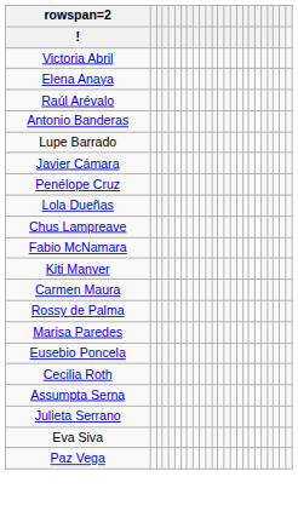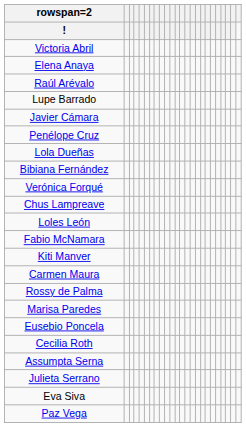 <table class="wikitable" style="text-align:center;font-size:75%;vertical-align:bottom;">
 <tr>
 <th>rowspan=2 </th>
 <th></th>
 <th></th>
 <th></th>
 <th></th>
 <th></th>
 <th></th>
 <th></th>
 <th></th>
 <th></th>
 <th></th>
 <th></th>
 <th></th>
 <th></th>
 <th></th>
 <th></th>
 <th></th>
 <th></th>
 <th></th>
 <th></th>
 <th></th>
 <th></th>
 <th></th>
 <th></th>
 </tr>
 <tr>
 <th>! </th>
 <th></th>
 <th></th>
 <th></th>
 <th></th>
 <th></th>
 <th></th>
 <th></th>
 <th></th>
 <th></th>
 <th></th>
 <th></th>
 <th></th>
 <th></th>
 <th></th>
 <th></th>
 <th></th>
 <th></th>
 <th></th>
 <th></th>
 <th></th>
 <th></th>
 <th></th>
 </tr>
 <tr>
 <td width="130"><a href='#'>Victoria Abril</a></td>
 <td></td>
 <td></td>
 <td></td>
 <td></td>
 <td></td>
 <td></td>
 <td></td>
 <td></td>
 <td></td>
 <td></td>
 <td></td>
 <td></td>
 <td></td>
 <td></td>
 <td></td>
 <td></td>
 <td></td>
 <td></td>
 <td></td>
 <td></td>
 <td></td>
 <td></td>
 <td></td>
 </tr>
 <tr>
 <td width=65><a href='#'>Elena Anaya</a></td>
 <td></td>
 <td></td>
 <td></td>
 <td></td>
 <td></td>
 <td></td>
 <td></td>
 <td></td>
 <td></td>
 <td></td>
 <td></td>
 <td></td>
 <td></td>
 <td></td>
 <td></td>
 <td></td>
 <td></td>
 <td></td>
 <td></td>
 <td></td>
 <td></td>
 <td></td>
 <td></td>
 </tr>
 <tr>
 <td width=65><a href='#'>Raúl Arévalo</a></td>
 <td></td>
 <td></td>
 <td></td>
 <td></td>
 <td></td>
 <td></td>
 <td></td>
 <td></td>
 <td></td>
 <td></td>
 <td></td>
 <td></td>
 <td></td>
 <td></td>
 <td></td>
 <td></td>
 <td></td>
 <td></td>
 <td></td>
 <td></td>
 <td></td>
 <td></td>
 <td></td>
 </tr>
 <tr>
-<td width=65><a href='#'>Antonio Banderas</a></td>
-<td></td>
-<td></td>
-<td></td>
-<td></td>
-<td></td>
-<td></td>
-<td></td>
-<td></td>
-<td></td>
-<td></td>
-<td></td>
-<td></td>
-<td></td>
-<td></td>
-<td></td>
-<td></td>
-<td></td>
-<td></td>
-<td></td>
-<td></td>
-<td></td>
-<td></td>
-<td></td>
-</tr>
-<tr>
 <td width=65>Lupe Barrado</td>
 <td></td>
 <td></td>
 <td></td>
 <td></td>
 <td></td>
 <td></td>
 <td></td>
 <td></td>
 <td></td>
 <td></td>
 <td></td>
 <td></td>
 <td></td>
 <td></td>
 <td></td>
 <td></td>
 <td></td>
 <td></td>
 <td></td>
 <td></td>
 <td></td>
 <td></td>
 <td></td>
 </tr>
 <tr>
 <td width=65><a href='#'>Javier Cámara</a></td>
 <td></td>
 <td></td>
 <td></td>
 <td></td>
 <td></td>
 <td></td>
 <td></td>
 <td></td>
 <td></td>
 <td></td>
 <td></td>
 <td></td>
 <td></td>
 <td></td>
 <td></td>
 <td></td>
 <td></td>
 <td></td>
 <td></td>
 <td></td>
 <td></td>
 <td></td>
 <td></td>
 </tr>
 <tr>
 <td width=65><a href='#'>Penélope Cruz</a></td>
 <td></td>
 <td></td>
 <td></td>
 <td></td>
 <td></td>
 <td></td>
 <td></td>
 <td></td>
 <td></td>
 <td></td>
 <td></td>
 <td></td>
 <td></td>
 <td></td>
 <td></td>
 <td></td>
 <td></td>
 <td></td>
 <td></td>
 <td></td>
 <td></td>
 <td></td>
 <td></td>
 </tr>
 <tr>
 <td width=65><a href='#'>Lola Dueñas</a></td>
 <td></td>
 <td></td>
 <td></td>
 <td></td>
 <td></td>
 <td></td>
 <td></td>
 <td></td>
 <td></td>
 <td></td>
 <td></td>
 <td></td>
 <td></td>
 <td></td>
 <td></td>
 <td></td>
 <td></td>
 <td></td>
 <td></td>
 <td></td>
 <td></td>
 <td></td>
 <td></td>
 </tr>
 <tr>
+<td width=65><a href='#'>Bibiana Fernández</a></td>
+<td></td>
+<td></td>
+<td></td>
+<td></td>
+<td></td>
+<td></td>
+<td></td>
+<td></td>
+<td></td>
+<td></td>
+<td></td>
+<td></td>
+<td></td>
+<td></td>
+<td></td>
+<td></td>
+<td></td>
+<td></td>
+<td></td>
+<td></td>
+<td></td>
+<td></td>
+<td></td>
+</tr>
+<tr>
+<td width=65><a href='#'>Verónica Forqué</a></td>
+<td></td>
+<td></td>
+<td></td>
+<td></td>
+<td></td>
+<td></td>
+<td></td>
+<td></td>
+<td></td>
+<td></td>
+<td></td>
+<td></td>
+<td></td>
+<td></td>
+<td></td>
+<td></td>
+<td></td>
+<td></td>
+<td></td>
+<td></td>
+<td></td>
+<td></td>
+<td></td>
+</tr>
+<tr>
 <td width=65><a href='#'>Chus Lampreave</a></td>
+<td></td>
+<td></td>
+<td></td>
+<td></td>
+<td></td>
+<td></td>
+<td></td>
+<td></td>
+<td></td>
+<td></td>
+<td></td>
+<td></td>
+<td></td>
+<td></td>
+<td></td>
+<td></td>
+<td></td>
+<td></td>
+<td></td>
+<td></td>
+<td></td>
+<td></td>
+<td></td>
+</tr>
+<tr>
+<td width=65><a href='#'>Loles León</a></td>
 <td></td>
 <td></td>
 <td></td>
 <td></td>
 <td></td>
 <td></td>
 <td></td>
 <td></td>
 <td></td>
 <td></td>
 <td></td>
 <td></td>
 <td></td>
 <td></td>
 <td></td>
 <td></td>
 <td></td>
 <td></td>
 <td></td>
 <td></td>
 <td></td>
 <td></td>
 <td></td>
 </tr>
 <tr>
 <td width=65><a href='#'>Fabio McNamara</a></td>
 <td></td>
 <td></td>
 <td></td>
 <td></td>
 <td></td>
 <td></td>
 <td></td>
 <td></td>
 <td></td>
 <td></td>
 <td></td>
 <td></td>
 <td></td>
 <td></td>
 <td></td>
 <td></td>
 <td></td>
 <td></td>
 <td></td>
 <td></td>
 <td></td>
 <td></td>
 <td></td>
 </tr>
 <tr>
 <td width=65><a href='#'>Kiti Manver</a></td>
 <td></td>
 <td></td>
 <td></td>
 <td></td>
 <td></td>
 <td></td>
 <td></td>
 <td></td>
 <td></td>
 <td></td>
 <td></td>
 <td></td>
 <td></td>
 <td></td>
 <td></td>
 <td></td>
 <td></td>
 <td></td>
 <td></td>
 <td></td>
 <td></td>
 <td></td>
 <td></td>
 </tr>
 <tr>
 <td width=65><a href='#'>Carmen Maura</a></td>
 <td></td>
 <td></td>
 <td></td>
 <td></td>
 <td></td>
 <td></td>
 <td></td>
 <td></td>
 <td></td>
 <td></td>
 <td></td>
 <td></td>
 <td></td>
 <td></td>
 <td></td>
 <td></td>
 <td></td>
 <td></td>
 <td></td>
 <td></td>
 <td></td>
 <td></td>
 <td></td>
 </tr>
 <tr>
 <td width=65><a href='#'>Rossy de Palma</a></td>
 <td></td>
 <td></td>
 <td></td>
 <td></td>
 <td></td>
 <td></td>
 <td></td>
 <td></td>
 <td></td>
 <td></td>
 <td></td>
 <td></td>
 <td></td>
 <td></td>
 <td></td>
 <td></td>
 <td></td>
 <td></td>
 <td></td>
 <td></td>
 <td></td>
 <td></td>
 <td></td>
 </tr>
 <tr>
 <td width=65><a href='#'>Marisa Paredes</a></td>
 <td></td>
 <td></td>
 <td></td>
 <td></td>
 <td></td>
 <td></td>
 <td></td>
 <td></td>
 <td></td>
 <td></td>
 <td></td>
 <td></td>
 <td></td>
 <td></td>
 <td></td>
 <td></td>
 <td></td>
 <td></td>
 <td></td>
 <td></td>
 <td></td>
 <td></td>
 <td></td>
 </tr>
 <tr>
 <td width=65><a href='#'>Eusebio Poncela</a></td>
 <td></td>
 <td></td>
 <td></td>
 <td></td>
 <td></td>
 <td></td>
 <td></td>
 <td></td>
 <td></td>
 <td></td>
 <td></td>
 <td></td>
 <td></td>
 <td></td>
 <td></td>
 <td></td>
 <td></td>
 <td></td>
 <td></td>
 <td></td>
 <td></td>
 <td></td>
 <td></td>
 </tr>
 <tr>
 <td width=65><a href='#'>Cecilia Roth</a></td>
 <td></td>
 <td></td>
 <td></td>
 <td></td>
 <td></td>
 <td></td>
 <td></td>
 <td></td>
 <td></td>
 <td></td>
 <td></td>
 <td></td>
 <td></td>
 <td></td>
 <td></td>
 <td></td>
 <td></td>
 <td></td>
 <td></td>
 <td></td>
 <td></td>
 <td></td>
 <td></td>
 </tr>
 <tr>
 <td width=65><a href='#'>Assumpta Serna</a></td>
 <td></td>
 <td></td>
 <td></td>
 <td></td>
 <td></td>
 <td></td>
 <td></td>
 <td></td>
 <td></td>
 <td></td>
 <td></td>
 <td></td>
 <td></td>
 <td></td>
 <td></td>
 <td></td>
 <td></td>
 <td></td>
 <td></td>
 <td></td>
 <td></td>
 <td></td>
 <td></td>
 </tr>
 <tr>
 <td width=65><a href='#'>Julieta Serrano</a></td>
 <td></td>
 <td></td>
 <td></td>
 <td></td>
 <td></td>
 <td></td>
 <td></td>
 <td></td>
 <td></td>
 <td></td>
 <td></td>
 <td></td>
 <td></td>
 <td></td>
 <td></td>
 <td></td>
 <td></td>
 <td></td>
 <td></td>
 <td></td>
 <td></td>
 <td></td>
 <td></td>
 </tr>
 <tr>
 <td width=65>Eva Siva</td>
 <td></td>
 <td></td>
 <td></td>
 <td></td>
 <td></td>
 <td></td>
 <td></td>
 <td></td>
 <td></td>
 <td></td>
 <td></td>
 <td></td>
 <td></td>
 <td></td>
 <td></td>
 <td></td>
 <td></td>
 <td></td>
 <td></td>
 <td></td>
 <td></td>
 <td></td>
 <td></td>
 </tr>
 <tr>
 <td width=65><a href='#'>Paz Vega</a></td>
 <td></td>
 <td></td>
 <td></td>
 <td></td>
 <td></td>
 <td></td>
 <td></td>
 <td></td>
 <td></td>
 <td></td>
 <td></td>
 <td></td>
 <td></td>
 <td></td>
 <td></td>
 <td></td>
 <td></td>
 <td></td>
 <td></td>
 <td></td>
 <td></td>
 <td></td>
 <td></td>
 </tr>
 </table>
